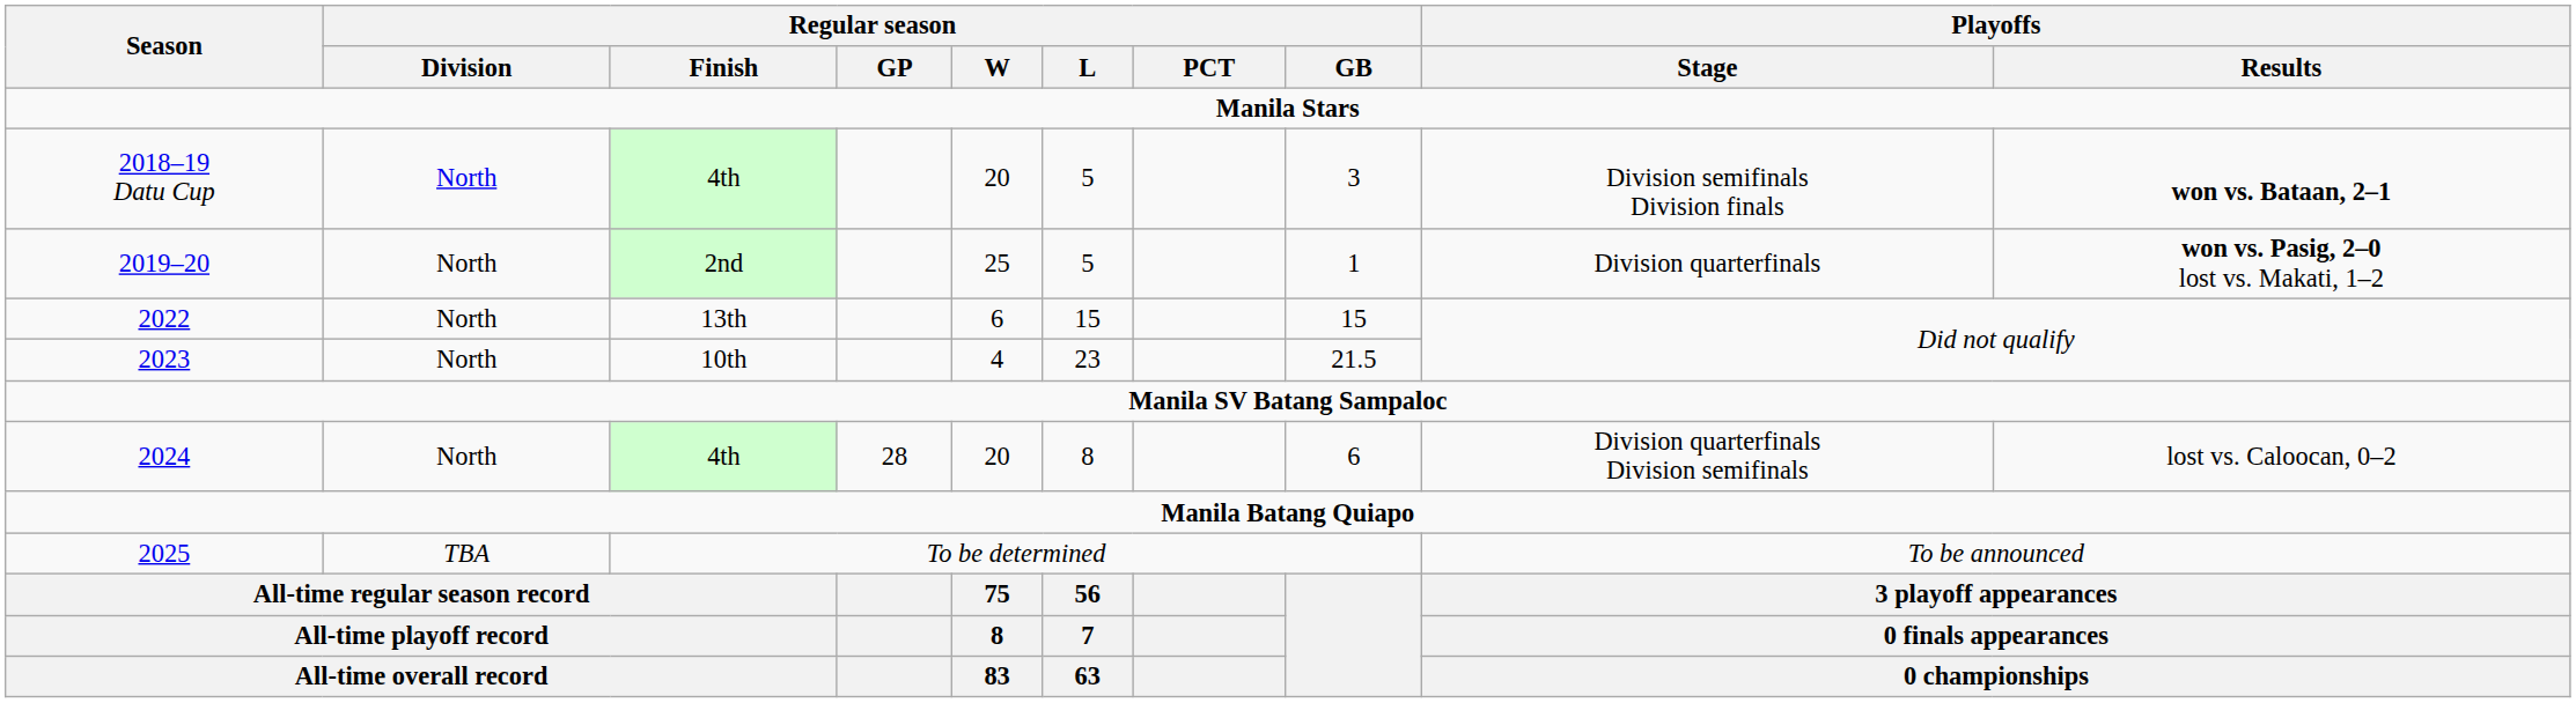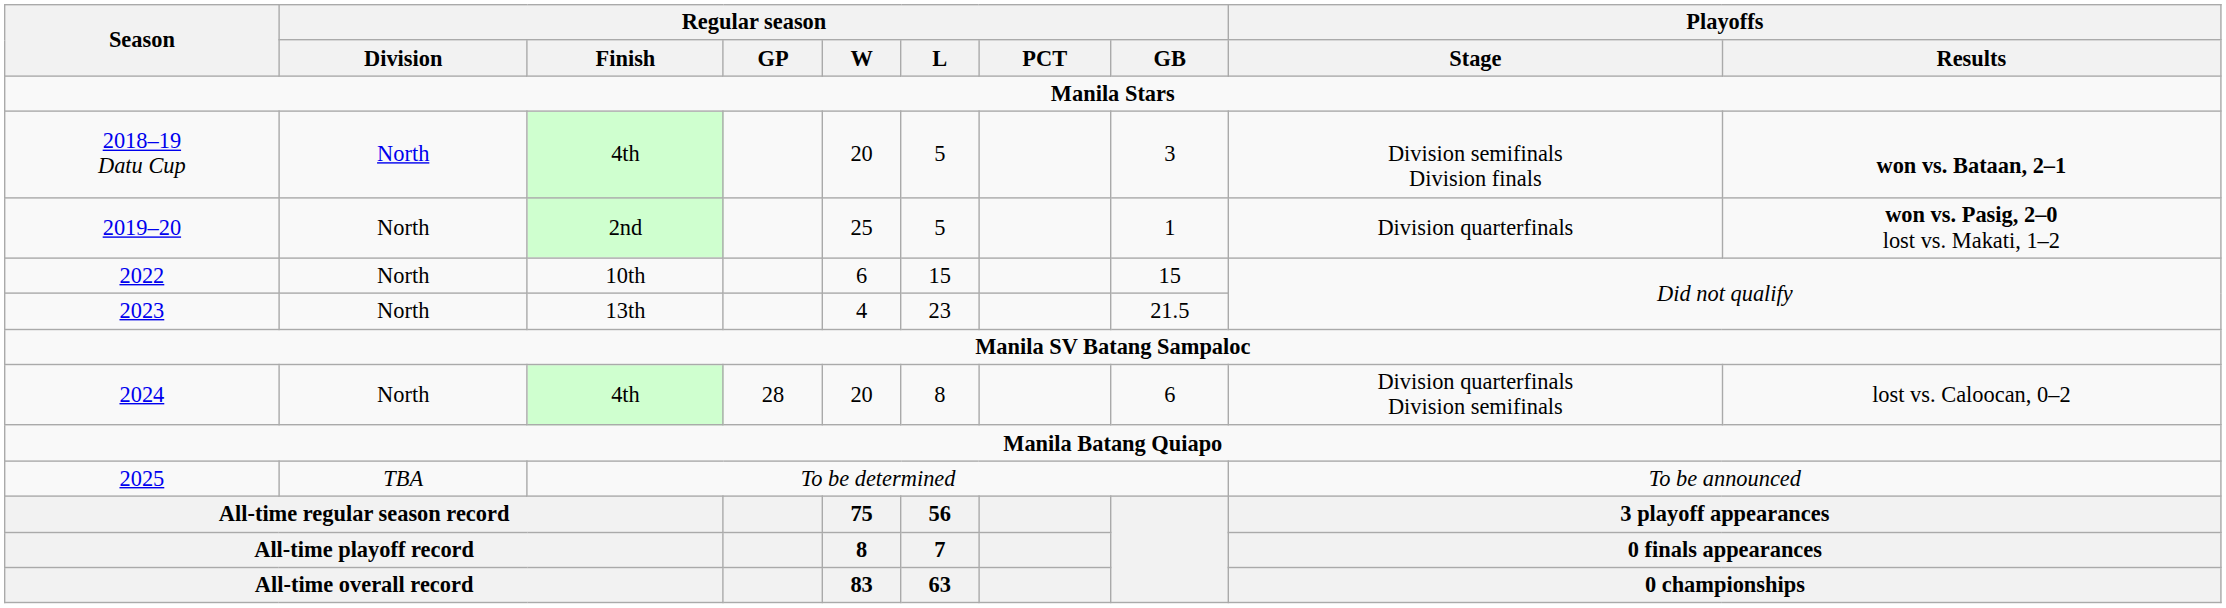 <table class=wikitable style="width:100%; text-align:center">
 <tr>
 <th rowspan=2>Season</th>
 <th colspan=7>Regular season</th>
 <th colspan=2>Playoffs</th>
 </tr>
 <tr>
 <th>Division</th>
 <th>Finish</th>
 <th>GP</th>
 <th>W</th>
 <th>L</th>
 <th>PCT</th>
 <th>GB</th>
 <th>Stage</th>
 <th>Results</th>
 </tr>
 <tr>
 <td colspan=10><span><strong>Manila Stars</strong></span></td>
 </tr>
 <tr>
 <td><a href='#'>2018–19</a> <br> <em>Datu Cup</em></td>
 <td><a href='#'>North</a></td>
 <td bgcolor="CFFFCF">4th</td>
 <td></td>
 <td>20</td>
 <td>5</td>
 <td></td>
 <td>3</td>
 <td><br>Division semifinals<br>Division finals</td>
 <td><br><strong>won vs. Bataan, 2–1</strong><br></td>
 </tr>
 <tr>
 <td><a href='#'>2019–20</a> <br> </td>
 <td>North</td>
 <td bgcolor="CFFFCF">2nd</td>
 <td></td>
 <td>25</td>
 <td>5</td>
 <td></td>
 <td>1</td>
 <td>Division quarterfinals</td>
 <td><strong>won vs. Pasig, 2–0</strong><br>lost vs. Makati, 1–2</td>
 </tr>
 <tr>
 <td><a href='#'>2022</a></td>
 <td>North</td>
-<td>13th</td>
+<td>10th</td>
 <td></td>
 <td>6</td>
 <td>15</td>
 <td></td>
 <td>15</td>
 <td rowspan="2" colspan="2"><em>Did not qualify</em></td>
 </tr>
 <tr>
 <td><a href='#'>2023</a></td>
 <td>North</td>
-<td>10th</td>
+<td>13th</td>
 <td></td>
 <td>4</td>
 <td>23</td>
 <td></td>
 <td>21.5</td>
 </tr>
 <tr>
 <td colspan=10><span><strong>Manila SV Batang Sampaloc</strong></span></td>
 </tr>
 <tr>
 <td><a href='#'>2024</a></td>
 <td>North</td>
 <td bgcolor="CFFFCF">4th</td>
 <td>28</td>
 <td>20</td>
 <td>8</td>
 <td></td>
 <td>6</td>
 <td>Division quarterfinals<br>Division semifinals</td>
 <td>lost vs. Caloocan, 0–2</td>
 </tr>
 <tr>
 <td colspan=10><span><strong>Manila Batang Quiapo</strong></span></td>
 </tr>
 <tr>
 <td><a href='#'>2025</a></td>
 <td><em>TBA</em></td>
 <td colspan=6><em>To be determined</em></td>
 <td colspan=2><em>To be announced</em></td>
 </tr>
 <tr>
 <th colspan=3>All-time regular season record</th>
 <th></th>
 <th>75</th>
 <th>56</th>
 <th></th>
 <th rowspan=3></th>
 <th colspan=3>3 playoff appearances</th>
 </tr>
 <tr>
 <th colspan=3>All-time playoff record</th>
 <th></th>
 <th>8</th>
 <th>7</th>
 <th></th>
 <th colspan=3>0 finals appearances</th>
 </tr>
 <tr>
 <th colspan=3>All-time overall record</th>
 <th></th>
 <th>83</th>
 <th>63</th>
 <th></th>
 <th colspan=3>0 championships</th>
 </tr>
 </table>
